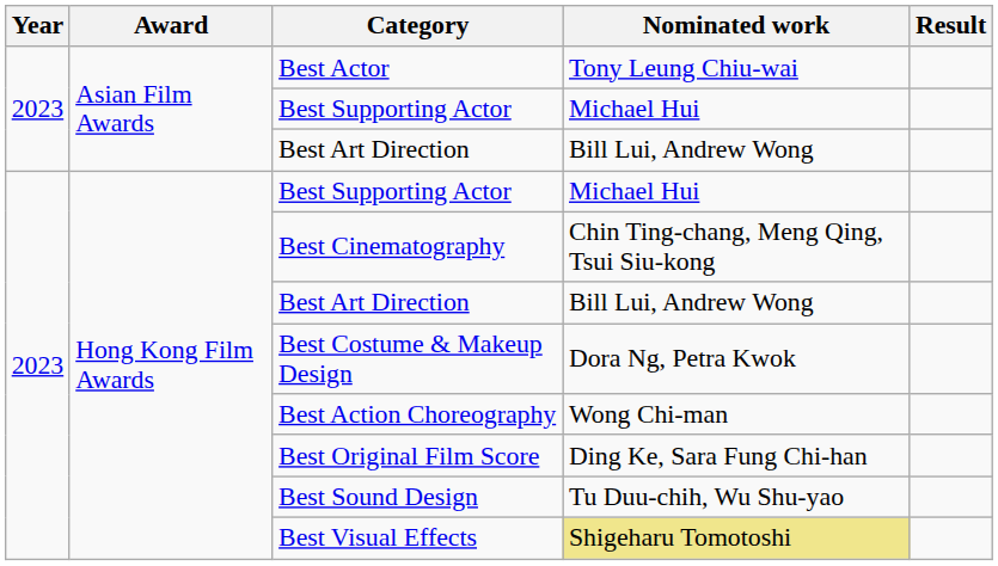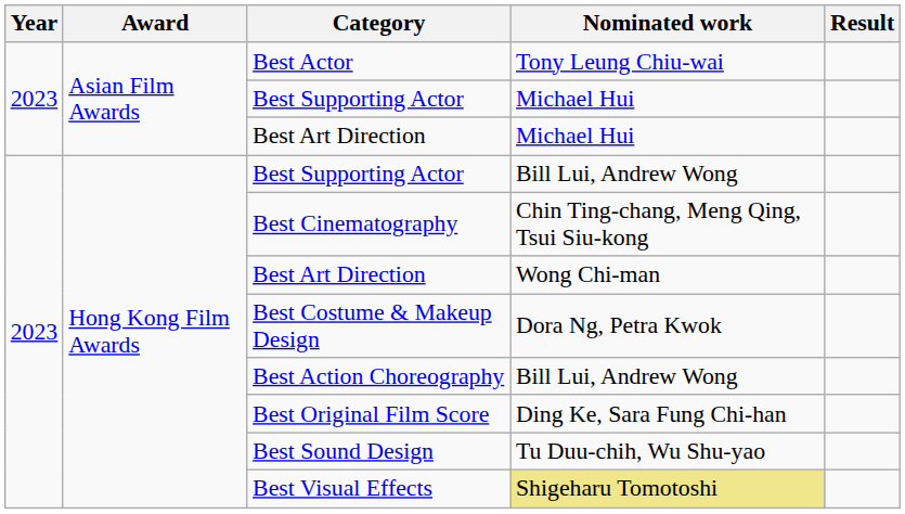 <table class="wikitable sortable" style="text-align:left;">
 <tr>
 <th>Year</th>
 <th>Award</th>
 <th>Category</th>
 <th>Nominated work</th>
 <th>Result</th>
 </tr>
 <tr>
 <td rowspan=3><a href='#'>2023</a></td>
 <td rowspan=3><a href='#'>Asian Film Awards</a></td>
 <td><a href='#'>Best Actor</a></td>
 <td><a href='#'>Tony Leung Chiu-wai</a></td>
 <td></td>
 </tr>
 <tr>
 <td><a href='#'>Best Supporting Actor</a></td>
 <td><a href='#'>Michael Hui</a></td>
 <td></td>
 </tr>
 <tr>
 <td>Best Art Direction</td>
-<td>Bill Lui, Andrew Wong</td>
+<td><a href='#'>Michael Hui</a></td>
 <td></td>
 </tr>
 <tr>
 <td rowspan=8><a href='#'>2023</a></td>
 <td rowspan=8><a href='#'>Hong Kong Film Awards</a></td>
 <td><a href='#'>Best Supporting Actor</a></td>
-<td><a href='#'>Michael Hui</a></td>
+<td>Bill Lui, Andrew Wong</td>
 <td></td>
 </tr>
 <tr>
 <td><a href='#'>Best Cinematography</a></td>
 <td>Chin Ting-chang, Meng Qing, Tsui Siu-kong</td>
 <td></td>
 </tr>
 <tr>
 <td><a href='#'>Best Art Direction</a></td>
-<td>Bill Lui, Andrew Wong</td>
+<td>Wong Chi-man</td>
 <td></td>
 </tr>
 <tr>
 <td><a href='#'>Best Costume & Makeup Design</a></td>
 <td>Dora Ng, Petra Kwok</td>
 <td></td>
 </tr>
 <tr>
 <td><a href='#'>Best Action Choreography</a></td>
-<td>Wong Chi-man</td>
+<td>Bill Lui, Andrew Wong</td>
 <td></td>
 </tr>
 <tr>
 <td><a href='#'>Best Original Film Score</a></td>
 <td>Ding Ke, Sara Fung Chi-han</td>
 <td></td>
 </tr>
 <tr>
 <td><a href='#'>Best Sound Design</a></td>
 <td>Tu Duu-chih, Wu Shu-yao</td>
 <td></td>
 </tr>
 <tr>
 <td><a href='#'>Best Visual Effects</a></td>
 <td style="background: khaki;">Shigeharu Tomotoshi</td>
 <td></td>
 </tr>
 </table>
